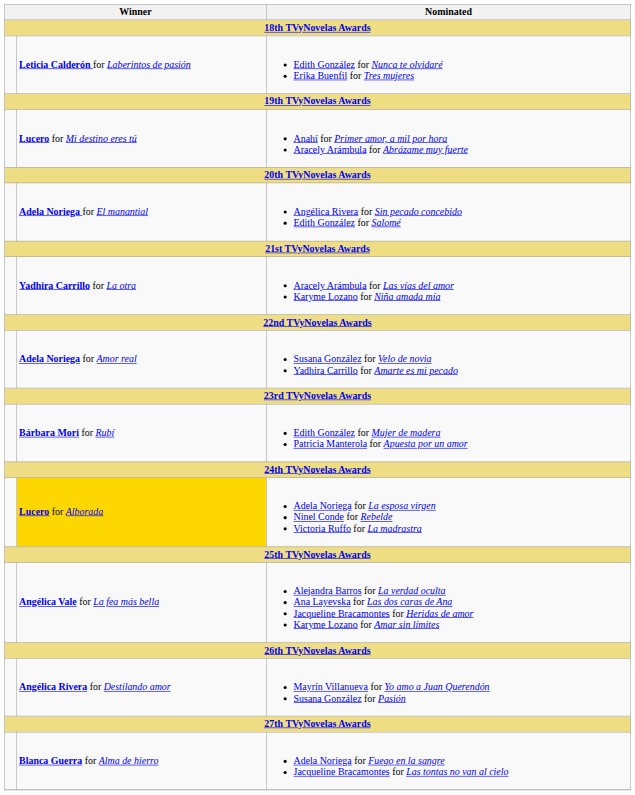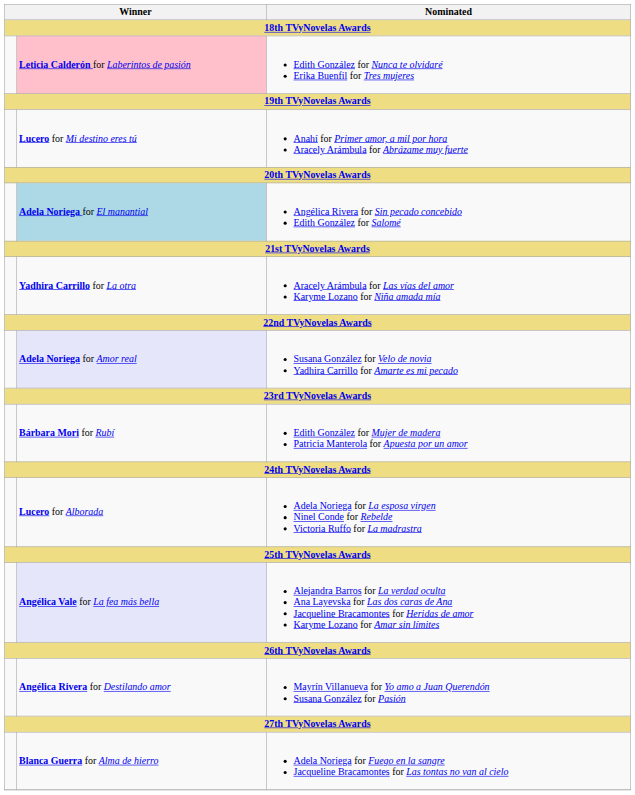 <table class="wikitable" width=80%>
 <tr align=center>
 <th width="150px;" colspan=2; align="center">Winner</th>
 <th width="580px;" align="center">Nominated</th>
 </tr>
 <tr>
 <th colspan=9 style="background:#EEDD82;"  align="center"><strong><a href='#'>18th TVyNovelas Awards</a></strong></th>
 </tr>
 <tr>
 <td width=2%></td>
-<td><strong><a href='#'>Leticia Calderón </a></strong> for <em><a href='#'>Laberintos de pasión</a></em></td>
+<td style="background: pink;"><strong><a href='#'>Leticia Calderón </a></strong> for <em><a href='#'>Laberintos de pasión</a></em></td>
 <td><br><ul><li><a href='#'>Edith González</a> for <em><a href='#'>Nunca te olvidaré</a></em></li><li><a href='#'>Erika Buenfil</a> for <em><a href='#'>Tres mujeres</a></em></li></ul></td>
 </tr>
 <tr>
 <th colspan=9 style="background:#EEDD82;"  align="center"><strong><a href='#'>19th TVyNovelas Awards</a></strong></th>
 </tr>
 <tr>
 <td width=2%></td>
 <td><strong><a href='#'>Lucero</a></strong> for <em><a href='#'>Mi destino eres tú</a></em></td>
 <td><br><ul><li><a href='#'>Anahí</a> for <em><a href='#'>Primer amor, a mil por hora</a></em></li><li><a href='#'>Aracely Arámbula</a> for <em><a href='#'>Abrázame muy fuerte</a></em></li></ul></td>
 </tr>
 <tr>
 <th colspan=9 style="background:#EEDD82;"  align="center"><strong><a href='#'>20th TVyNovelas Awards</a></strong></th>
 </tr>
 <tr>
 <td width=2%></td>
-<td><strong><a href='#'>Adela Noriega </a></strong> for <em><a href='#'>El manantial</a></em></td>
+<td style="background: lightblue;"><strong><a href='#'>Adela Noriega </a></strong> for <em><a href='#'>El manantial</a></em></td>
 <td><br><ul><li><a href='#'>Angélica Rivera</a> for <em><a href='#'>Sin pecado concebido</a></em></li><li><a href='#'>Edith González</a> for <em><a href='#'>Salomé</a></em></li></ul></td>
 </tr>
 <tr>
 <th colspan=9 style="background:#EEDD82;"  align="center"><strong><a href='#'>21st TVyNovelas Awards</a></strong></th>
 </tr>
 <tr>
 <td width=2%></td>
 <td><strong><a href='#'>Yadhira Carrillo</a></strong> for <em><a href='#'>La otra</a></em></td>
 <td><br><ul><li><a href='#'>Aracely Arámbula</a> for <em><a href='#'>Las vías del amor</a></em></li><li><a href='#'>Karyme Lozano</a> for <em><a href='#'>Niña amada mía</a></em></li></ul></td>
 </tr>
 <tr>
 <th colspan=9 style="background:#EEDD82;"  align="center"><strong><a href='#'>22nd TVyNovelas Awards</a></strong></th>
 </tr>
 <tr>
 <td width=2%></td>
-<td><strong><a href='#'>Adela Noriega</a></strong> for <em><a href='#'>Amor real</a></em></td>
+<td style="background: lavender;"><strong><a href='#'>Adela Noriega</a></strong> for <em><a href='#'>Amor real</a></em></td>
 <td><br><ul><li><a href='#'>Susana González</a> for <em><a href='#'>Velo de novia</a></em></li><li><a href='#'>Yadhira Carrillo</a> for <em><a href='#'>Amarte es mi pecado</a></em></li></ul></td>
 </tr>
 <tr>
 <th colspan=9 style="background:#EEDD82;"  align="center"><strong><a href='#'>23rd TVyNovelas Awards</a></strong></th>
 </tr>
 <tr>
 <td width=2%></td>
 <td><strong><a href='#'>Bárbara Mori</a></strong> for <em><a href='#'>Rubí</a></em></td>
 <td><br><ul><li><a href='#'>Edith González</a> for <em><a href='#'>Mujer de madera</a></em></li><li><a href='#'>Patricia Manterola</a> for <em><a href='#'>Apuesta por un amor</a></em></li></ul></td>
 </tr>
 <tr>
 <th colspan=9 style="background:#EEDD82;"  align="center"><strong><a href='#'>24th TVyNovelas Awards</a></strong></th>
 </tr>
 <tr>
 <td width=2%></td>
-<td style="background: gold;"><strong><a href='#'>Lucero</a></strong> for <em><a href='#'>Alborada</a></em></td>
+<td><strong><a href='#'>Lucero</a></strong> for <em><a href='#'>Alborada</a></em></td>
 <td><br><ul><li><a href='#'>Adela Noriega</a> for <em><a href='#'>La esposa virgen</a></em></li><li><a href='#'>Ninel Conde</a> for <em><a href='#'>Rebelde</a></em></li><li><a href='#'>Victoria Ruffo</a> for <em><a href='#'>La madrastra</a></em></li></ul></td>
 </tr>
 <tr>
 <th colspan=9 style="background:#EEDD82;"  align="center"><strong><a href='#'>25th TVyNovelas Awards</a></strong></th>
 </tr>
 <tr>
 <td width=2%></td>
-<td><strong><a href='#'>Angélica Vale</a></strong> for <em><a href='#'>La fea más bella</a></em></td>
+<td style="background: lavender;"><strong><a href='#'>Angélica Vale</a></strong> for <em><a href='#'>La fea más bella</a></em></td>
 <td><br><ul><li><a href='#'>Alejandra Barros</a> for <em><a href='#'>La verdad oculta</a></em></li><li><a href='#'>Ana Layevska</a> for <em><a href='#'>Las dos caras de Ana</a></em></li><li><a href='#'>Jacqueline Bracamontes</a> for <em><a href='#'>Heridas de amor</a></em></li><li><a href='#'>Karyme Lozano</a> for <em><a href='#'>Amar sin límites</a></em></li></ul></td>
 </tr>
 <tr>
 <th colspan=9 style="background:#EEDD82;"  align="center"><strong><a href='#'>26th TVyNovelas Awards</a></strong></th>
 </tr>
 <tr>
 <td width=2%></td>
 <td><strong><a href='#'>Angélica Rivera</a></strong> for <em><a href='#'>Destilando amor</a></em></td>
 <td><br><ul><li><a href='#'>Mayrín Villanueva</a> for <em><a href='#'>Yo amo a Juan Querendón</a></em></li><li><a href='#'>Susana González</a> for <em><a href='#'>Pasión</a></em></li></ul></td>
 </tr>
 <tr>
 <th colspan=9 style="background:#EEDD82;"  align="center"><strong><a href='#'>27th TVyNovelas Awards</a></strong></th>
 </tr>
 <tr>
 <td width=2%></td>
 <td><strong><a href='#'>Blanca Guerra</a></strong> for <em><a href='#'>Alma de hierro</a></em></td>
 <td><br><ul><li><a href='#'>Adela Noriega</a> for <em><a href='#'>Fuego en la sangre</a></em></li><li><a href='#'>Jacqueline Bracamontes</a> for <em><a href='#'>Las tontas no van al cielo</a></em></li></ul></td>
 </tr>
 <tr>
 </tr>
 </table>
